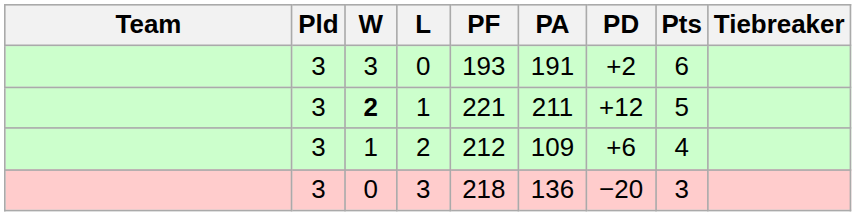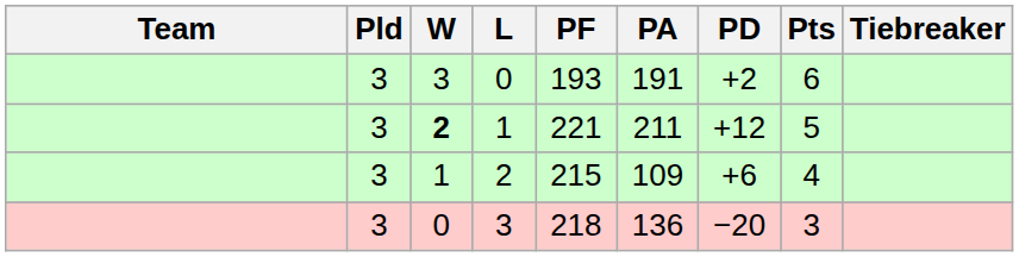 <table class="wikitable" style="text-align:center;">
 <tr>
 <th width=170>Team</th>
 <th width=25>Pld</th>
 <th width=25>W</th>
 <th width=25>L</th>
 <th width=35>PF</th>
 <th width=35>PA</th>
 <th width=35>PD</th>
 <th width=25>Pts</th>
 <th width=50>Tiebreaker</th>
 </tr>
 <tr bgcolor=ccffcc>
 <td align="left"></td>
 <td>3</td>
 <td>3</td>
 <td>0</td>
 <td>193</td>
 <td>191</td>
 <td>+2</td>
 <td>6</td>
 <td></td>
 </tr>
 <tr bgcolor=ccffcc>
 <td align="left"></td>
 <td>3</td>
 <td><strong>2</strong></td>
 <td>1</td>
 <td>221</td>
 <td>211</td>
 <td>+12</td>
 <td>5</td>
 <td></td>
 </tr>
 <tr bgcolor=ccffcc>
 <td align="left"></td>
 <td>3</td>
 <td>1</td>
 <td>2</td>
-<td>212</td>
+<td>215</td>
 <td>109</td>
 <td>+6</td>
 <td>4</td>
 <td></td>
 </tr>
 <tr bgcolor=ffcccc>
 <td align="left"></td>
 <td>3</td>
 <td>0</td>
 <td>3</td>
 <td>218</td>
 <td>136</td>
 <td>−20</td>
 <td>3</td>
 <td></td>
 </tr>
 </table>
